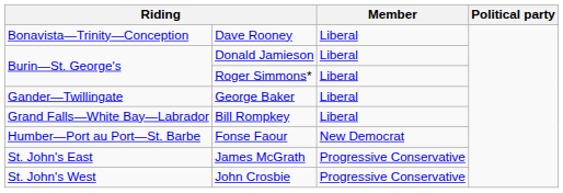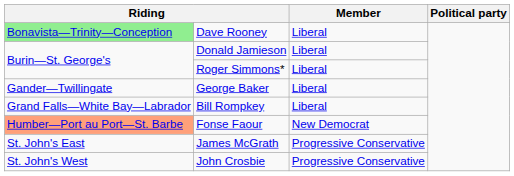 <table class="wikitable">
 <tr>
 <th colspan="2">Riding</th>
 <th>Member</th>
 <th>Political party</th>
 </tr>
 <tr>
-<td><a href='#'>Bonavista—Trinity—Conception</a></td>
+<td style="background: lightgreen;"><a href='#'>Bonavista—Trinity—Conception</a></td>
 <td><a href='#'>Dave Rooney</a></td>
 <td><a href='#'>Liberal</a></td>
 </tr>
 <tr>
 <td rowspan="2"><a href='#'>Burin—St. George's</a></td>
 <td><a href='#'>Donald Jamieson</a></td>
 <td><a href='#'>Liberal</a></td>
 </tr>
 <tr>
 <td><a href='#'>Roger Simmons</a>*</td>
 <td><a href='#'>Liberal</a></td>
 </tr>
 <tr>
 <td><a href='#'>Gander—Twillingate</a></td>
 <td><a href='#'>George Baker</a></td>
 <td><a href='#'>Liberal</a></td>
 </tr>
 <tr>
 <td><a href='#'>Grand Falls—White Bay—Labrador</a></td>
 <td><a href='#'>Bill Rompkey</a></td>
 <td><a href='#'>Liberal</a></td>
 </tr>
 <tr>
-<td><a href='#'>Humber—Port au Port—St. Barbe</a></td>
+<td style="background: lightsalmon;"><a href='#'>Humber—Port au Port—St. Barbe</a></td>
 <td><a href='#'>Fonse Faour</a></td>
 <td><a href='#'>New Democrat</a></td>
 </tr>
 <tr>
 <td><a href='#'>St. John's East</a></td>
 <td><a href='#'>James McGrath</a></td>
 <td><a href='#'>Progressive Conservative</a></td>
 </tr>
 <tr>
 <td><a href='#'>St. John's West</a></td>
 <td><a href='#'>John Crosbie</a></td>
 <td><a href='#'>Progressive Conservative</a></td>
 </tr>
 </table>
